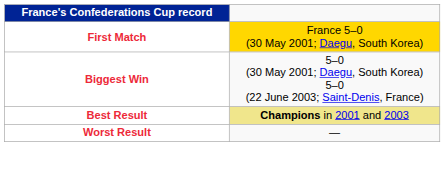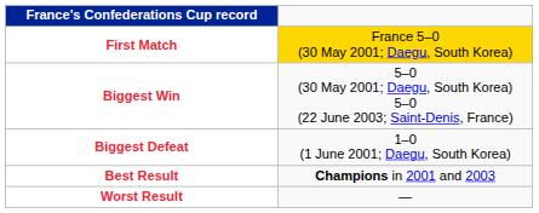 <table class="wikitable collapsible collapsed" style="width:50%;text-align:center">
 <tr>
 <th style="background:#002395; color:white; "><strong>France's Confederations Cup record</strong></th>
 </tr>
 <tr>
 <th style="background:white; color:#ED2939; ">First Match</th>
 <td style="background: gold;"> France 5–0 <br> (30 May 2001; <a href='#'>Daegu</a>, South Korea)</td>
 </tr>
 <tr>
 <th style="background:white; color:#ED2939; ">Biggest Win</th>
 <td> 5–0 <br> (30 May 2001; <a href='#'>Daegu</a>, South Korea)<br> 5–0 <br> (22 June 2003; <a href='#'>Saint-Denis</a>, France)</td>
 </tr>
 <tr>
+<th style="background:white; color:#ED2939; ">Biggest Defeat</th>
+<td> 1–0 <br> (1 June 2001; <a href='#'>Daegu</a>, South Korea)</td>
+</tr>
+<tr>
 <th style="background:white; color:#ED2939; ">Best Result</th>
-<td style="background: khaki;"><strong>Champions</strong> in <a href='#'>2001</a> and <a href='#'>2003</a></td>
+<td><strong>Champions</strong> in <a href='#'>2001</a> and <a href='#'>2003</a></td>
 </tr>
 <tr>
 <th style="background:white; color:#ED2939; ">Worst Result</th>
 <td>—</td>
 </tr>
 </table>
